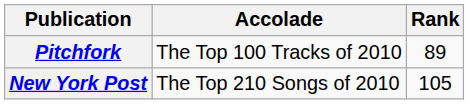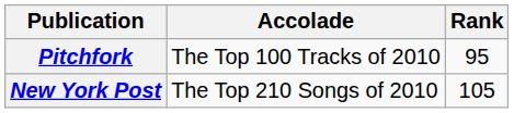 <table class="wikitable plainrowheaders">
 <tr>
 <th scope="col">Publication</th>
 <th scope="col">Accolade</th>
 <th scope="col">Rank</th>
 </tr>
 <tr>
 <th scope="row"><em><a href='#'>Pitchfork</a></em></th>
 <td>The Top 100 Tracks of 2010 </td>
-<td style="text-align:center;”">89</td>
+<td style="text-align:center;”">95</td>
 </tr>
 <tr>
 <th scope="row"><em><a href='#'>New York Post</a></em></th>
 <td>The Top 210 Songs of 2010</td>
 <td style="text-align:center;”">105</td>
 </tr>
 </table>
